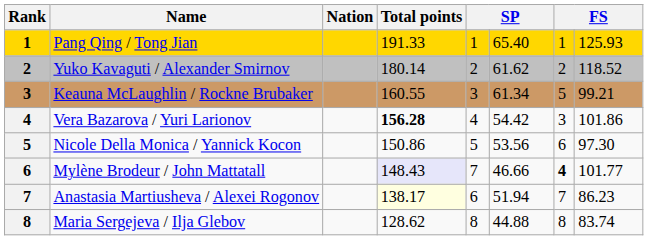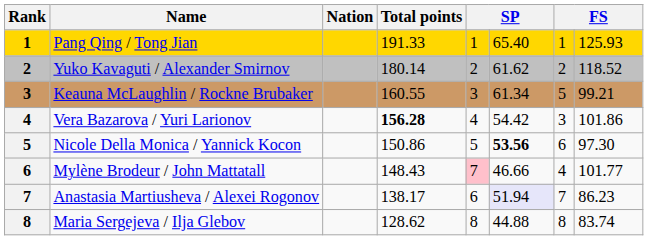 <table class="wikitable sortable">
 <tr>
 <th>Rank</th>
 <th>Name</th>
 <th>Nation</th>
 <th>Total points</th>
 <th colspan="2" width="80px"><a href='#'>SP</a></th>
 <th colspan="2" width="80px"><a href='#'>FS</a></th>
 </tr>
 <tr bgcolor="gold">
 <td align="center"><strong>1</strong></td>
 <td><a href='#'>Pang Qing</a> / <a href='#'>Tong Jian</a></td>
 <td></td>
 <td>191.33</td>
 <td>1</td>
 <td>65.40</td>
 <td>1</td>
 <td>125.93</td>
 </tr>
 <tr bgcolor="silver">
 <td align="center"><strong>2</strong></td>
 <td><a href='#'>Yuko Kavaguti</a> / <a href='#'>Alexander Smirnov</a></td>
 <td></td>
 <td>180.14</td>
 <td>2</td>
 <td>61.62</td>
 <td>2</td>
 <td>118.52</td>
 </tr>
 <tr bgcolor="cc9966">
 <td align="center"><strong>3</strong></td>
 <td><a href='#'>Keauna McLaughlin</a> / <a href='#'>Rockne Brubaker</a></td>
 <td></td>
 <td>160.55</td>
 <td>3</td>
 <td>61.34</td>
 <td>5</td>
 <td>99.21</td>
 </tr>
 <tr>
 <th>4</th>
 <td><a href='#'>Vera Bazarova</a> / <a href='#'>Yuri Larionov</a></td>
 <td></td>
 <td><strong>156.28</strong></td>
 <td>4</td>
 <td>54.42</td>
 <td>3</td>
 <td>101.86</td>
 </tr>
 <tr>
 <th>5</th>
 <td><a href='#'>Nicole Della Monica</a> / <a href='#'>Yannick Kocon</a></td>
 <td></td>
 <td>150.86</td>
 <td>5</td>
-<td>53.56</td>
+<td><strong>53.56</strong></td>
 <td>6</td>
 <td>97.30</td>
 </tr>
 <tr>
 <th>6</th>
 <td><a href='#'>Mylène Brodeur</a> / <a href='#'>John Mattatall</a></td>
 <td></td>
-<td style="background: lavender;">148.43</td>
-<td>7</td>
+<td>148.43</td>
+<td style="background: pink;">7</td>
 <td>46.66</td>
-<td><strong>4</strong></td>
+<td>4</td>
 <td>101.77</td>
 </tr>
 <tr>
 <th>7</th>
 <td><a href='#'>Anastasia Martiusheva</a> / <a href='#'>Alexei Rogonov</a></td>
 <td></td>
-<td style="background: lightyellow;">138.17</td>
+<td>138.17</td>
 <td>6</td>
-<td>51.94</td>
+<td style="background: lavender;">51.94</td>
 <td>7</td>
 <td>86.23</td>
 </tr>
 <tr>
 <th>8</th>
 <td><a href='#'>Maria Sergejeva</a> / <a href='#'>Ilja Glebov</a></td>
 <td></td>
 <td>128.62</td>
 <td>8</td>
 <td>44.88</td>
 <td>8</td>
 <td>83.74</td>
 </tr>
 </table>
